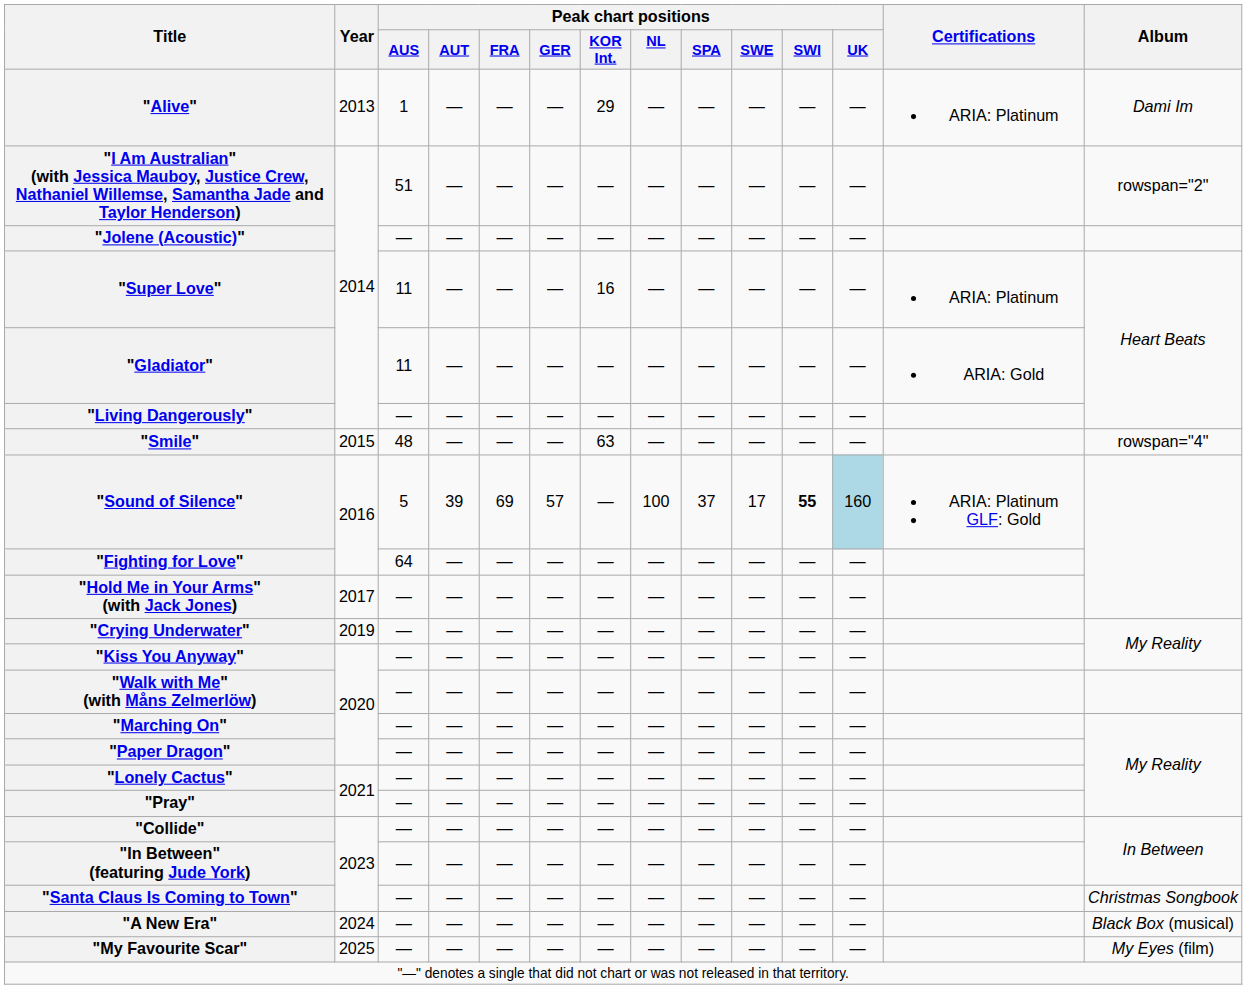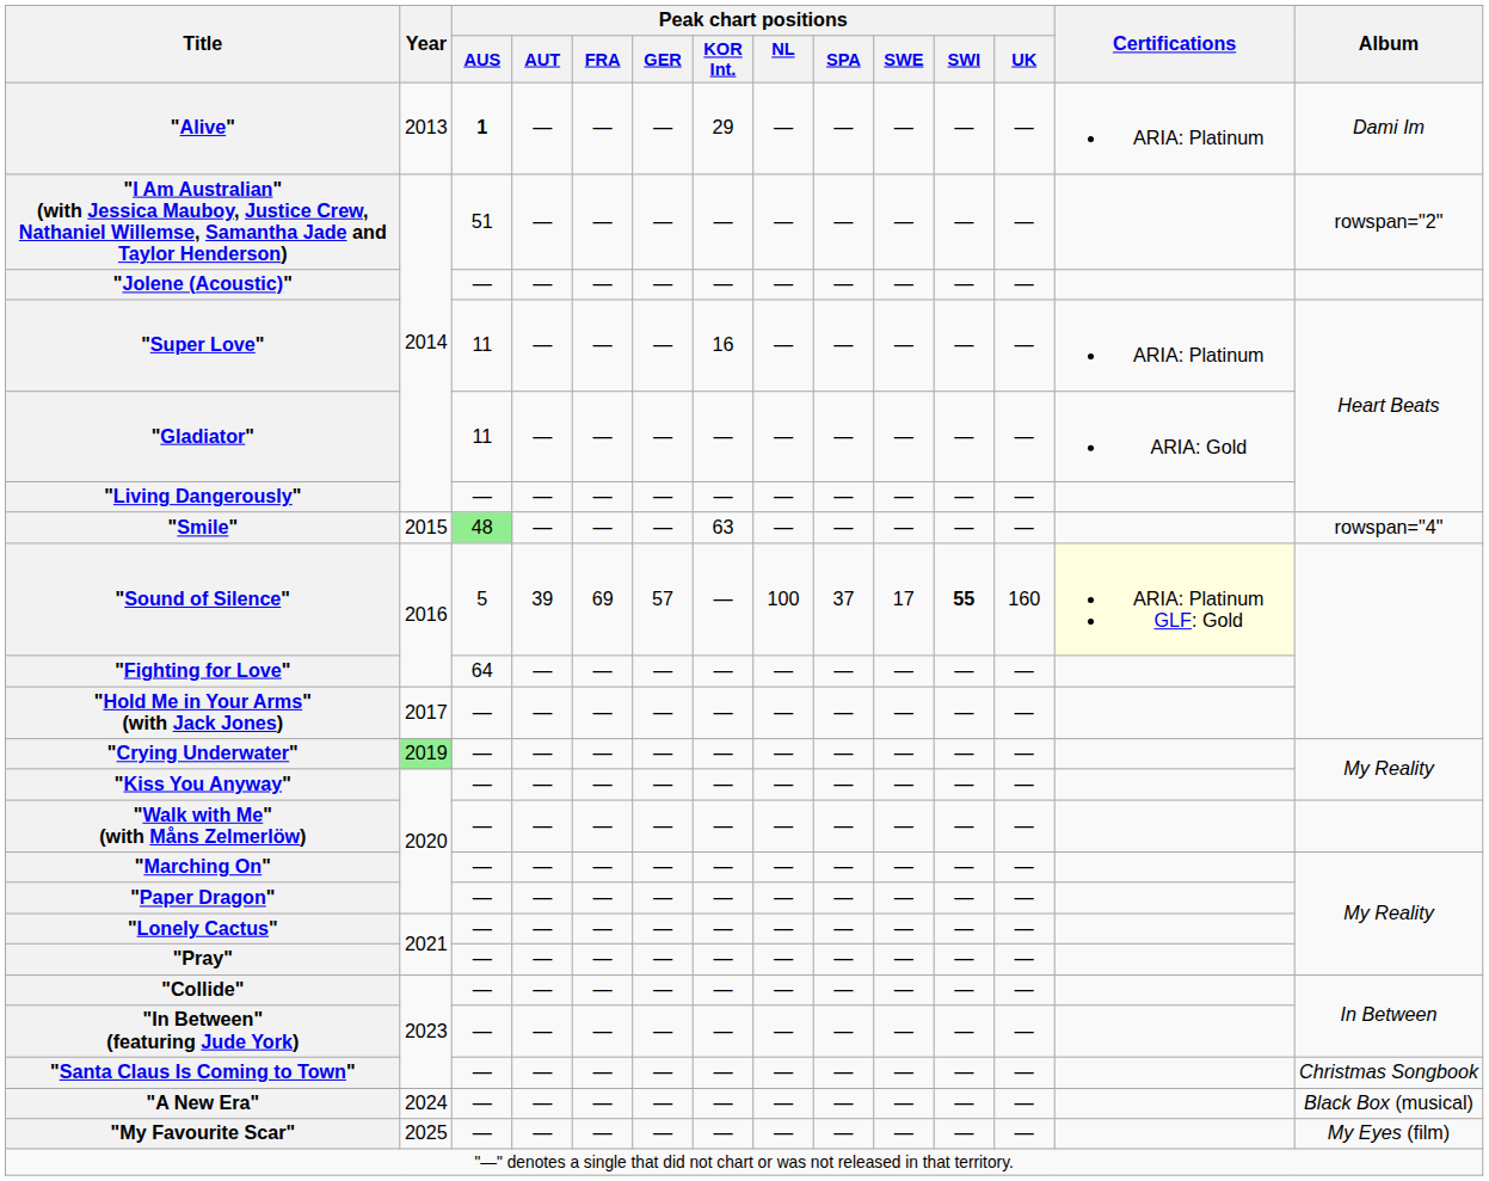 <table class="wikitable plainrowheaders" style="text-align:center;">
 <tr>
 <th scope="col" rowspan="2" style="width:20em;">Title</th>
 <th scope="col" rowspan="2" style="width:1em;">Year</th>
 <th scope="col" colspan="10">Peak chart positions</th>
 <th scope="col" rowspan="2" style="width:12em;"><a href='#'>Certifications</a></th>
 <th scope="col" rowspan="2">Album</th>
 </tr>
 <tr>
 <th scope="col" style="width:3em;font-size:90%;"><a href='#'>AUS</a><br></th>
 <th scope="col" style="width:3em;font-size:90%;"><a href='#'>AUT</a><br></th>
 <th scope="col" style="width:3em;font-size:90%;"><a href='#'>FRA</a><br></th>
 <th scope="col" style="width:3em;font-size:90%;"><a href='#'>GER</a><br></th>
 <th scope="col" style="width:3em;font-size:90%;"><a href='#'>KOR<br>Int.</a><br></th>
 <th scope="col" style="width:3em;font-size:90%;"><a href='#'>NL</a><br><br></th>
 <th scope="col" style="width:3em;font-size:90%;"><a href='#'>SPA</a><br></th>
 <th scope="col" style="width:3em;font-size:90%;"><a href='#'>SWE</a><br></th>
 <th scope="col" style="width:3em;font-size:90%;"><a href='#'>SWI</a><br></th>
 <th scope="col" style="width:3em;font-size:90%;"><a href='#'>UK</a><br></th>
 </tr>
 <tr>
 <th scope="row">"<a href='#'>Alive</a>"</th>
 <td>2013</td>
-<td>1</td>
+<td><strong>1</strong></td>
 <td>—</td>
 <td>—</td>
 <td>—</td>
 <td>29</td>
 <td>—</td>
 <td>—</td>
 <td>—</td>
 <td>—</td>
 <td>—</td>
 <td><br><ul><li>ARIA: Platinum</li></ul></td>
 <td><em>Dami Im</em></td>
 </tr>
 <tr>
 <th scope="row">"<a href='#'>I Am Australian</a>"<br><span>(with <a href='#'>Jessica Mauboy</a>, <a href='#'>Justice Crew</a>, <a href='#'>Nathaniel Willemse</a>, <a href='#'>Samantha Jade</a> and <a href='#'>Taylor Henderson</a>)</span></th>
 <td rowspan="5">2014</td>
 <td>51</td>
 <td>—</td>
 <td>—</td>
 <td>—</td>
 <td>—</td>
 <td>—</td>
 <td>—</td>
 <td>—</td>
 <td>—</td>
 <td>—</td>
 <td></td>
 <td>rowspan="2" </td>
 </tr>
 <tr>
 <th scope="row">"<a href='#'>Jolene (Acoustic)</a>"</th>
 <td>—</td>
 <td>—</td>
 <td>—</td>
 <td>—</td>
 <td>—</td>
 <td>—</td>
 <td>—</td>
 <td>—</td>
 <td>—</td>
 <td>—</td>
 <td></td>
 </tr>
 <tr>
 <th scope="row">"<a href='#'>Super Love</a>"</th>
 <td>11</td>
 <td>—</td>
 <td>—</td>
 <td>—</td>
 <td>16</td>
 <td>—</td>
 <td>—</td>
 <td>—</td>
 <td>—</td>
 <td>—</td>
 <td><br><ul><li>ARIA: Platinum</li></ul></td>
 <td rowspan="3"><em>Heart Beats</em></td>
 </tr>
 <tr>
 <th scope="row">"<a href='#'>Gladiator</a>"</th>
 <td>11</td>
 <td>—</td>
 <td>—</td>
 <td>—</td>
 <td>—</td>
 <td>—</td>
 <td>—</td>
 <td>—</td>
 <td>—</td>
 <td>—</td>
 <td><br><ul><li>ARIA: Gold</li></ul></td>
 </tr>
 <tr>
 <th scope="row">"<a href='#'>Living Dangerously</a>"</th>
 <td>—</td>
 <td>—</td>
 <td>—</td>
 <td>—</td>
 <td>—</td>
 <td>—</td>
 <td>—</td>
 <td>—</td>
 <td>—</td>
 <td>—</td>
 <td></td>
 </tr>
 <tr>
 <th scope="row">"<a href='#'>Smile</a>"</th>
 <td>2015</td>
-<td>48</td>
+<td style="background: lightgreen;">48</td>
 <td>—</td>
 <td>—</td>
 <td>—</td>
 <td>63</td>
 <td>—</td>
 <td>—</td>
 <td>—</td>
 <td>—</td>
 <td>—</td>
 <td></td>
 <td>rowspan="4" </td>
 </tr>
 <tr>
 <th scope="row">"<a href='#'>Sound of Silence</a>"</th>
 <td rowspan="2">2016</td>
 <td>5</td>
 <td>39</td>
 <td>69</td>
 <td>57</td>
 <td>—</td>
 <td>100</td>
 <td>37</td>
 <td>17</td>
 <td><strong>55</strong></td>
-<td style="background: lightblue;">160</td>
-<td><br><ul><li>ARIA: Platinum</li><li><a href='#'>GLF</a>: Gold</li></ul></td>
+<td>160</td>
+<td style="background: lightyellow;"><br><ul><li>ARIA: Platinum</li><li><a href='#'>GLF</a>: Gold</li></ul></td>
 </tr>
 <tr>
 <th scope="row">"<a href='#'>Fighting for Love</a>"</th>
 <td>64</td>
 <td>—</td>
 <td>—</td>
 <td>—</td>
 <td>—</td>
 <td>—</td>
 <td>—</td>
 <td>—</td>
 <td>—</td>
 <td>—</td>
 <td></td>
 </tr>
 <tr>
 <th scope="row">"<a href='#'>Hold Me in Your Arms</a>" <br><span>(with <a href='#'>Jack Jones</a>)</span></th>
 <td>2017</td>
 <td>—</td>
 <td>—</td>
 <td>—</td>
 <td>—</td>
 <td>—</td>
 <td>—</td>
 <td>—</td>
 <td>—</td>
 <td>—</td>
 <td>—</td>
 <td></td>
 </tr>
 <tr>
 <th scope="row">"<a href='#'>Crying Underwater</a>"</th>
-<td>2019</td>
+<td style="background: lightgreen;">2019</td>
 <td>—</td>
 <td>—</td>
 <td>—</td>
 <td>—</td>
 <td>—</td>
 <td>—</td>
 <td>—</td>
 <td>—</td>
 <td>—</td>
 <td>—</td>
 <td></td>
 <td rowspan="2"><em>My Reality</em></td>
 </tr>
 <tr>
 <th scope="row">"<a href='#'>Kiss You Anyway</a>"</th>
 <td rowspan="4">2020</td>
 <td>—</td>
 <td>—</td>
 <td>—</td>
 <td>—</td>
 <td>—</td>
 <td>—</td>
 <td>—</td>
 <td>—</td>
 <td>—</td>
 <td>—</td>
 <td></td>
 </tr>
 <tr>
 <th scope="row">"<a href='#'>Walk with Me</a>" <br><span>(with <a href='#'>Måns Zelmerlöw</a>)</span></th>
 <td>—</td>
 <td>—</td>
 <td>—</td>
 <td>—</td>
 <td>—</td>
 <td>—</td>
 <td>—</td>
 <td>—</td>
 <td>—</td>
 <td>—</td>
 <td></td>
 <td></td>
 </tr>
 <tr>
 <th scope="row">"<a href='#'>Marching On</a>"</th>
 <td>—</td>
 <td>—</td>
 <td>—</td>
 <td>—</td>
 <td>—</td>
 <td>—</td>
 <td>—</td>
 <td>—</td>
 <td>—</td>
 <td>—</td>
 <td></td>
 <td rowspan="4"><em>My Reality</em></td>
 </tr>
 <tr>
 <th scope="row">"<a href='#'>Paper Dragon</a>"</th>
 <td>—</td>
 <td>—</td>
 <td>—</td>
 <td>—</td>
 <td>—</td>
 <td>—</td>
 <td>—</td>
 <td>—</td>
 <td>—</td>
 <td>—</td>
 <td></td>
 </tr>
 <tr>
 <th scope="row">"<a href='#'>Lonely Cactus</a>"</th>
 <td rowspan="2">2021</td>
 <td>—</td>
 <td>—</td>
 <td>—</td>
 <td>—</td>
 <td>—</td>
 <td>—</td>
 <td>—</td>
 <td>—</td>
 <td>—</td>
 <td>—</td>
 <td></td>
 </tr>
 <tr>
 <th scope="row">"Pray"</th>
 <td>—</td>
 <td>—</td>
 <td>—</td>
 <td>—</td>
 <td>—</td>
 <td>—</td>
 <td>—</td>
 <td>—</td>
 <td>—</td>
 <td>—</td>
 <td></td>
 </tr>
 <tr>
 <th scope="row">"Collide"</th>
 <td rowspan="3">2023</td>
 <td>—</td>
 <td>—</td>
 <td>—</td>
 <td>—</td>
 <td>—</td>
 <td>—</td>
 <td>—</td>
 <td>—</td>
 <td>—</td>
 <td>—</td>
 <td></td>
 <td rowspan="2"><em>In Between</em></td>
 </tr>
 <tr>
 <th scope="row">"In Between"<br><span>(featuring <a href='#'>Jude York</a>)</span></th>
 <td>—</td>
 <td>—</td>
 <td>—</td>
 <td>—</td>
 <td>—</td>
 <td>—</td>
 <td>—</td>
 <td>—</td>
 <td>—</td>
 <td>—</td>
 <td></td>
 </tr>
 <tr>
 <th scope="row">"<a href='#'>Santa Claus Is Coming to Town</a>"</th>
 <td>—</td>
 <td>—</td>
 <td>—</td>
 <td>—</td>
 <td>—</td>
 <td>—</td>
 <td>—</td>
 <td>—</td>
 <td>—</td>
 <td>—</td>
 <td></td>
 <td><em>Christmas Songbook</em></td>
 </tr>
 <tr>
 <th scope="row">"A New Era"</th>
 <td>2024</td>
 <td>—</td>
 <td>—</td>
 <td>—</td>
 <td>—</td>
 <td>—</td>
 <td>—</td>
 <td>—</td>
 <td>—</td>
 <td>—</td>
 <td>—</td>
 <td></td>
 <td><em>Black Box</em> (musical)</td>
 </tr>
 <tr>
 <th scope="row">"My Favourite Scar"</th>
 <td>2025</td>
 <td>—</td>
 <td>—</td>
 <td>—</td>
 <td>—</td>
 <td>—</td>
 <td>—</td>
 <td>—</td>
 <td>—</td>
 <td>—</td>
 <td>—</td>
 <td></td>
 <td><em>My Eyes</em> (film)</td>
 </tr>
 <tr>
 <td style="font-size:85%;" colspan="20">"—" denotes a single that did not chart or was not released in that territory.</td>
 </tr>
 </table>
